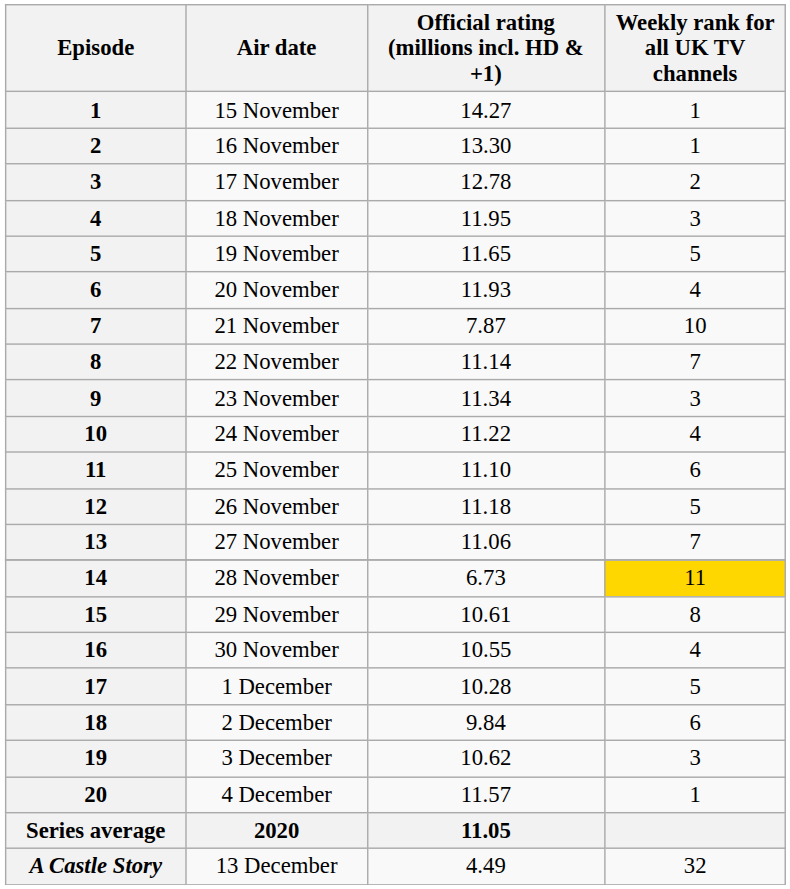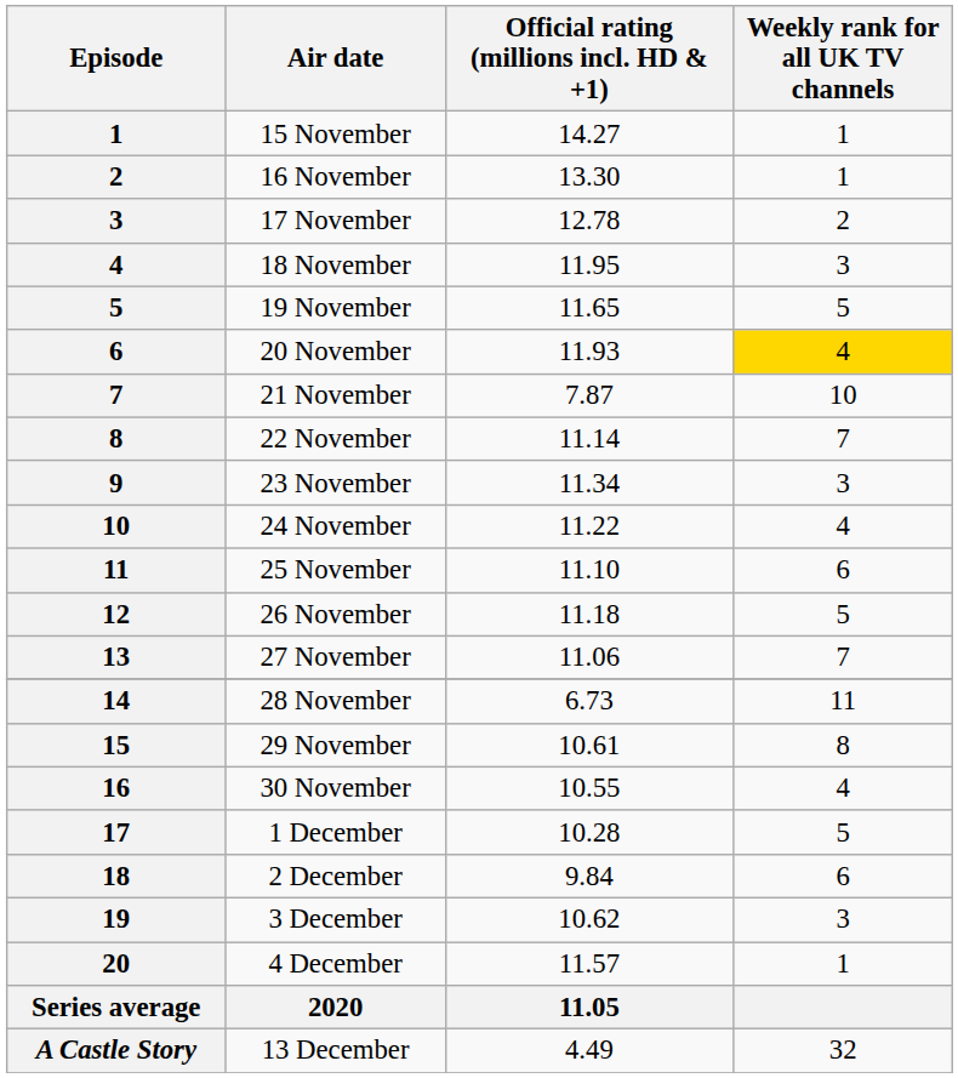 <table class="wikitable" style="text-align:center; margin: 1em auto 1em auto">
 <tr>
 <th scope="col" style="width:120px;">Episode</th>
 <th scope="col" style="width:120px;">Air date</th>
 <th scope="col" style="width:160px;">Official rating <br> (millions incl. HD & +1)</th>
 <th scope="col" style="width:120px;">Weekly rank for all UK TV channels</th>
 </tr>
 <tr>
 <th>1</th>
 <td>15 November</td>
 <td>14.27</td>
 <td>1</td>
 </tr>
 <tr>
 <th>2</th>
 <td>16 November</td>
 <td>13.30</td>
 <td>1</td>
 </tr>
 <tr>
 <th>3</th>
 <td>17 November</td>
 <td>12.78</td>
 <td>2</td>
 </tr>
 <tr>
 <th>4</th>
 <td>18 November</td>
 <td>11.95</td>
 <td>3</td>
 </tr>
 <tr>
 <th>5</th>
 <td>19 November</td>
 <td>11.65</td>
 <td>5</td>
 </tr>
 <tr>
 <th>6</th>
 <td>20 November</td>
 <td>11.93</td>
-<td>4</td>
+<td style="background: gold;">4</td>
 </tr>
 <tr>
 <th>7</th>
 <td>21 November</td>
 <td>7.87</td>
 <td>10</td>
 </tr>
 <tr>
 <th>8</th>
 <td>22 November</td>
 <td>11.14</td>
 <td>7</td>
 </tr>
 <tr>
 <th>9</th>
 <td>23 November</td>
 <td>11.34</td>
 <td>3</td>
 </tr>
 <tr>
 <th>10</th>
 <td>24 November</td>
 <td>11.22</td>
 <td>4</td>
 </tr>
 <tr>
 <th>11</th>
 <td>25 November</td>
 <td>11.10</td>
 <td>6</td>
 </tr>
 <tr>
 <th>12</th>
 <td>26 November</td>
 <td>11.18</td>
 <td>5</td>
 </tr>
 <tr>
 <th>13</th>
 <td>27 November</td>
 <td>11.06</td>
 <td>7</td>
 </tr>
 <tr>
 </tr>
 <tr>
 <th>14</th>
 <td>28 November</td>
 <td>6.73</td>
-<td style="background: gold;">11</td>
+<td>11</td>
 </tr>
 <tr>
 <th>15</th>
 <td>29 November</td>
 <td>10.61</td>
 <td>8</td>
 </tr>
 <tr>
 <th>16</th>
 <td>30 November</td>
 <td>10.55</td>
 <td>4</td>
 </tr>
 <tr>
 <th>17</th>
 <td>1 December</td>
 <td>10.28</td>
 <td>5</td>
 </tr>
 <tr>
 <th>18</th>
 <td>2 December</td>
 <td>9.84</td>
 <td>6</td>
 </tr>
 <tr>
 <th>19</th>
 <td>3 December</td>
 <td>10.62</td>
 <td>3</td>
 </tr>
 <tr>
 <th>20</th>
 <td>4 December</td>
 <td>11.57</td>
 <td>1</td>
 </tr>
 <tr>
 <th>Series average</th>
 <th>2020</th>
 <th>11.05</th>
 <th></th>
 </tr>
 <tr>
 <th><em>A Castle Story</em></th>
 <td>13 December</td>
 <td>4.49</td>
 <td>32</td>
 </tr>
 <tr>
 </tr>
 </table>
